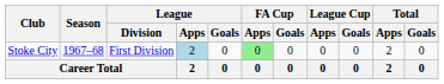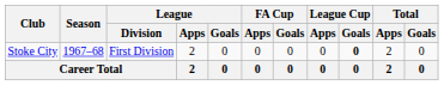 <table class="wikitable" style="text-align: center;">
 <tr>
 <th rowspan="2">Club</th>
 <th rowspan="2">Season</th>
 <th colspan="3">League</th>
 <th colspan="2">FA Cup</th>
 <th colspan="2">League Cup</th>
 <th colspan="2">Total</th>
 </tr>
 <tr>
 <th>Division</th>
 <th>Apps</th>
 <th>Goals</th>
 <th>Apps</th>
 <th>Goals</th>
 <th>Apps</th>
 <th>Goals</th>
 <th>Apps</th>
 <th>Goals</th>
 </tr>
 <tr>
 <td><a href='#'>Stoke City</a></td>
 <td><a href='#'>1967–68</a></td>
 <td><a href='#'>First Division</a></td>
-<td style="background: lightblue;">2</td>
-<td>0</td>
-<td style="background: lightgreen;">0</td>
+<td>2</td>
 <td>0</td>
 <td>0</td>
 <td>0</td>
+<td>0</td>
+<td><strong>0</strong></td>
 <td>2</td>
 <td>0</td>
 </tr>
 <tr>
 <th colspan="3">Career Total</th>
 <th>2</th>
 <th>0</th>
 <th>0</th>
 <th>0</th>
 <th>0</th>
 <th>0</th>
 <th>2</th>
 <th>0</th>
 </tr>
 </table>
